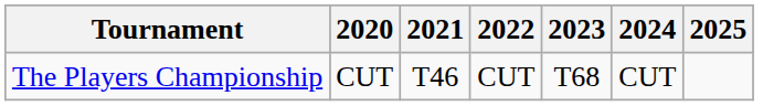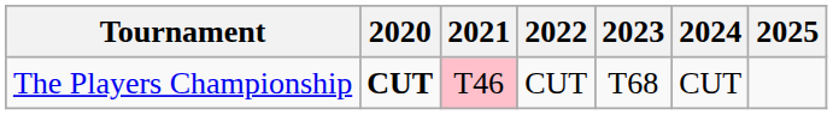 <table class="wikitable" style="font-size:95%;text-align:center;">
 <tr>
 <th>Tournament</th>
 <th>2020</th>
 <th>2021</th>
 <th>2022</th>
 <th>2023</th>
 <th>2024</th>
 <th>2025</th>
 </tr>
 <tr>
 <td align=left><a href='#'>The Players Championship</a></td>
-<td>CUT</td>
-<td>T46</td>
+<td><strong>CUT</strong></td>
+<td style="background: pink;">T46</td>
 <td>CUT</td>
 <td>T68</td>
 <td>CUT</td>
 </tr>
 </table>
